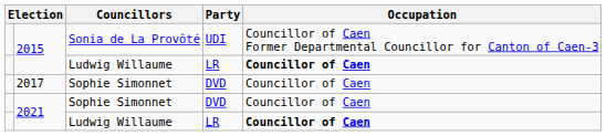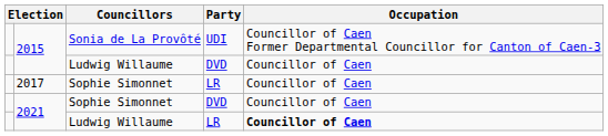 <table class="wikitable">
 <tr>
 <th colspan="2">Election</th>
 <th>Councillors</th>
 <th>Party</th>
 <th>Occupation</th>
 </tr>
 <tr>
 <td style="background-color: "></td>
 <td rowspan="2"><a href='#'>2015</a></td>
 <td><a href='#'>Sonia de La Provôté</a></td>
 <td><a href='#'>UDI</a></td>
 <td>Councillor of <a href='#'>Caen</a><br> Former Departmental Councillor for <a href='#'>Canton of Caen-3</a></td>
 </tr>
 <tr>
 <td style="background-color: "></td>
 <td>Ludwig Willaume</td>
-<td><a href='#'>LR</a></td>
-<td><strong>Councillor of <a href='#'>Caen</a></strong></td>
+<td><a href='#'>DVD</a></td>
+<td>Councillor of <a href='#'>Caen</a></td>
 </tr>
 <tr>
 <td style="background-color: "></td>
 <td>2017</td>
 <td>Sophie Simonnet</td>
-<td><a href='#'>DVD</a></td>
+<td><a href='#'>LR</a></td>
 <td>Councillor of <a href='#'>Caen</a></td>
 </tr>
 <tr>
 <td style="background-color: "></td>
 <td rowspan="2"><a href='#'>2021</a></td>
 <td>Sophie Simonnet</td>
 <td><a href='#'>DVD</a></td>
 <td>Councillor of <a href='#'>Caen</a></td>
 </tr>
 <tr>
 <td style="background-color: "></td>
 <td>Ludwig Willaume</td>
 <td><a href='#'>LR</a></td>
 <td><strong>Councillor of <a href='#'>Caen</a></strong></td>
 </tr>
 </table>
